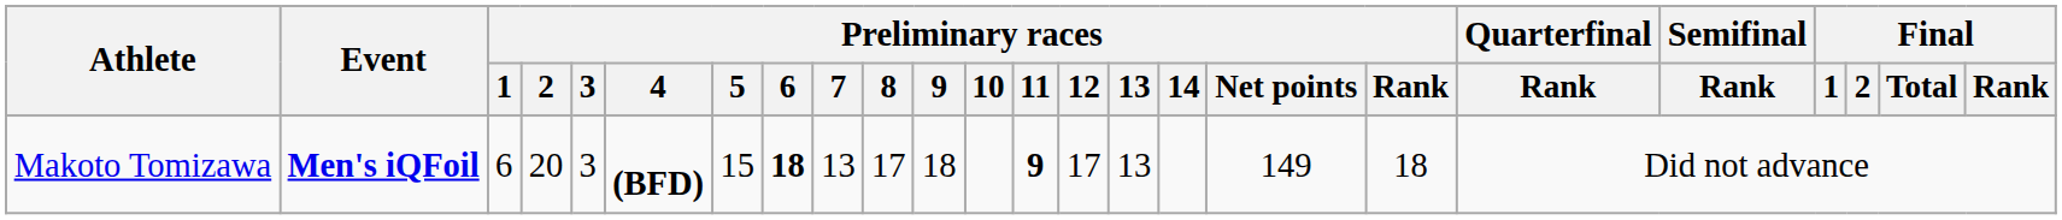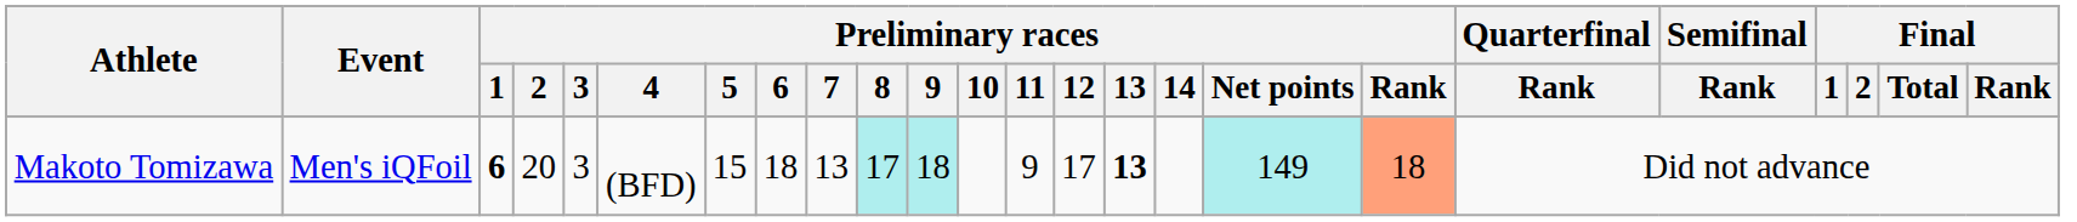 <table class="wikitable" style="font-size:90%">
 <tr>
 <th rowspan="2">Athlete</th>
 <th rowspan="2">Event</th>
 <th colspan=16>Preliminary races</th>
 <th>Quarterfinal</th>
 <th>Semifinal</th>
 <th colspan=4>Final</th>
 </tr>
 <tr style="font-size:95%">
 <th>1</th>
 <th>2</th>
 <th>3</th>
 <th>4</th>
 <th>5</th>
 <th>6</th>
 <th>7</th>
 <th>8</th>
 <th>9</th>
 <th>10</th>
 <th>11</th>
 <th>12</th>
 <th>13</th>
 <th>14</th>
 <th>Net points</th>
 <th>Rank</th>
 <th>Rank</th>
 <th>Rank</th>
 <th>1</th>
 <th>2</th>
 <th>Total</th>
 <th>Rank</th>
 </tr>
 <tr align=center>
 <td align=left><a href='#'>Makoto Tomizawa</a></td>
-<td align=left><strong><a href='#'>Men's iQFoil</a></strong></td>
-<td>6</td>
+<td align=left><a href='#'>Men's iQFoil</a></td>
+<td><strong>6</strong></td>
 <td>20</td>
 <td>3</td>
-<td><strong><br>(BFD)</strong></td>
+<td><br>(BFD)</td>
 <td>15</td>
-<td><strong>18</strong></td>
+<td>18</td>
 <td>13</td>
+<td style="background: paleturquoise;">17</td>
+<td style="background: paleturquoise;">18</td>
+<td></td>
+<td>9</td>
 <td>17</td>
-<td>18</td>
+<td><strong>13</strong></td>
 <td></td>
-<td><strong>9</strong></td>
-<td>17</td>
-<td>13</td>
-<td></td>
-<td>149</td>
-<td>18</td>
+<td style="background: paleturquoise;">149</td>
+<td style="background: lightsalmon;">18</td>
 <td colspan=17>Did not advance</td>
 </tr>
 </table>
